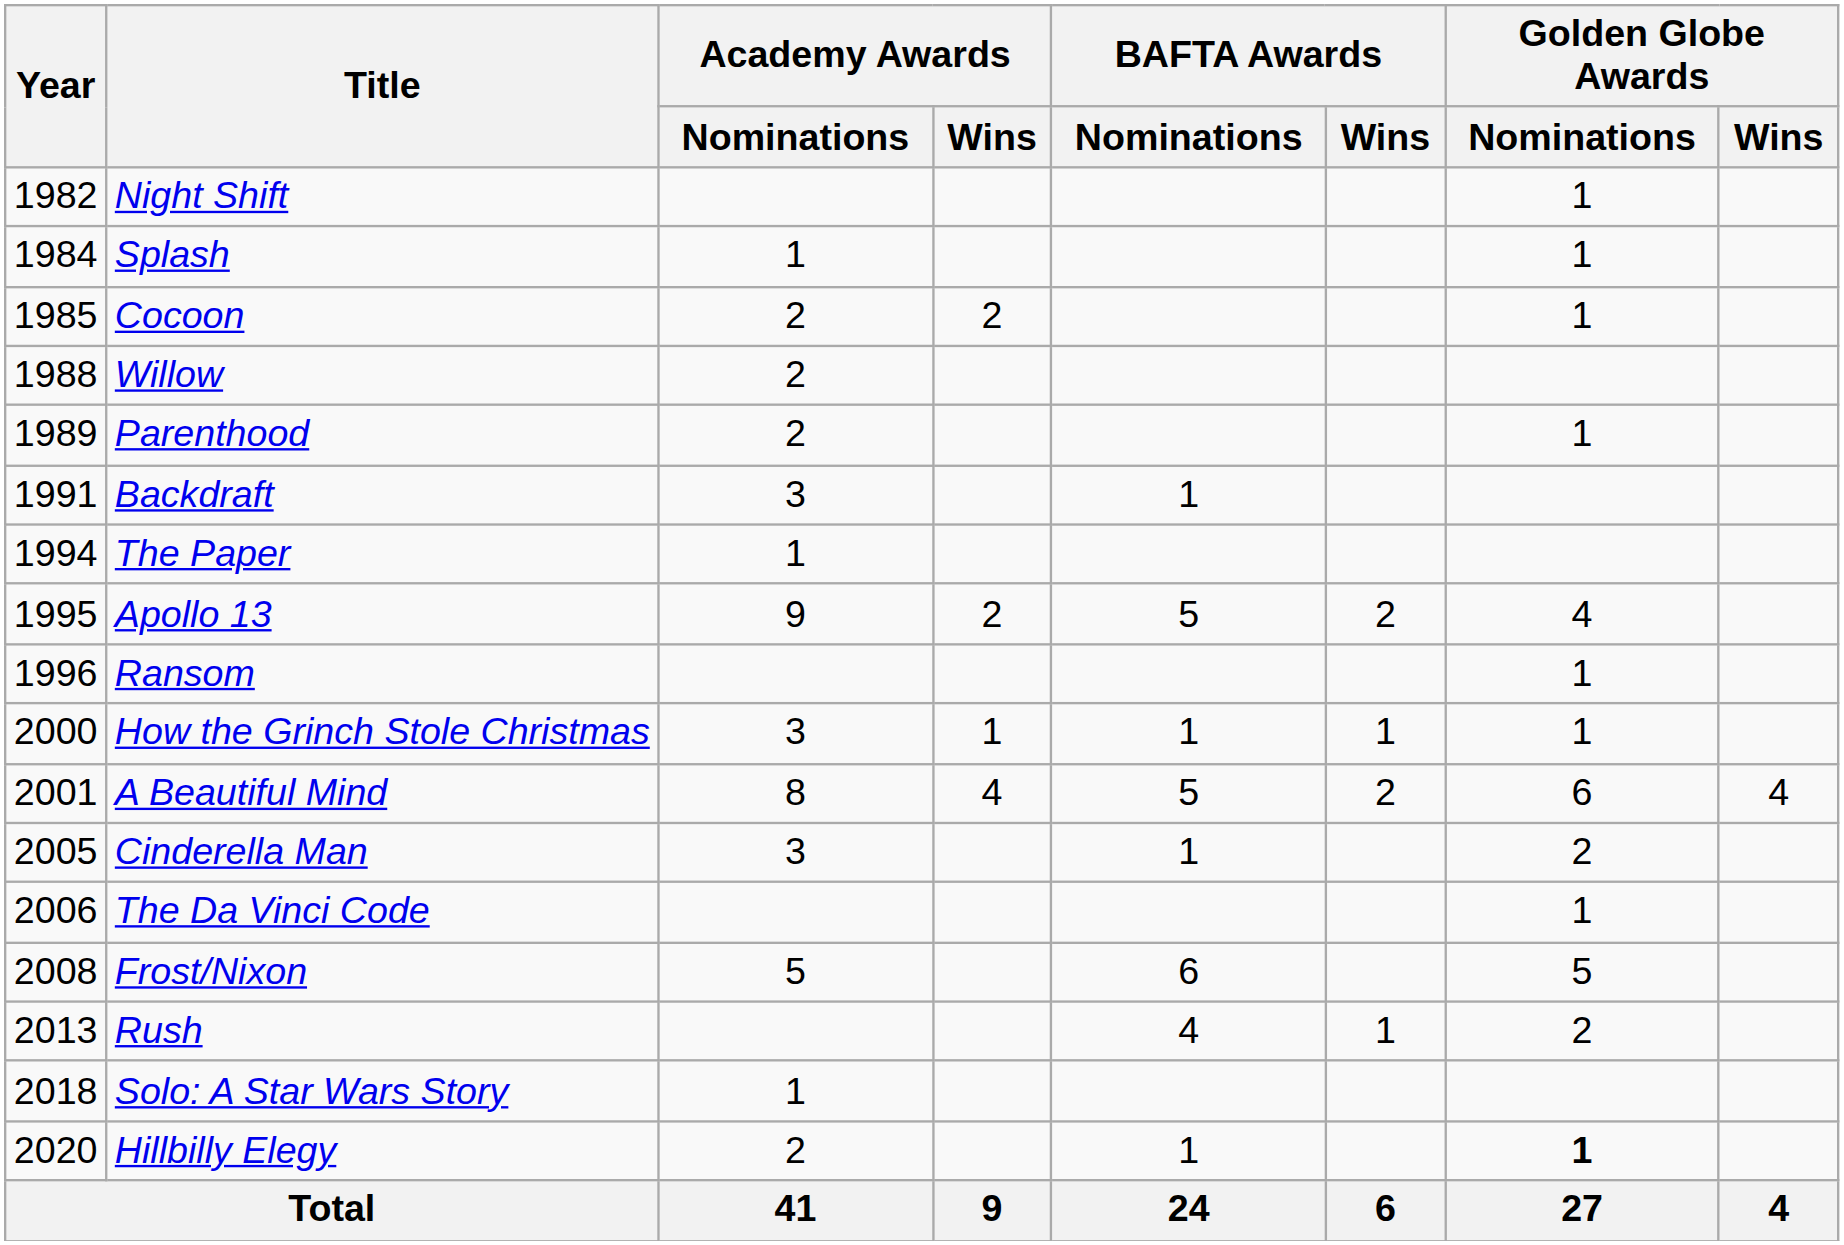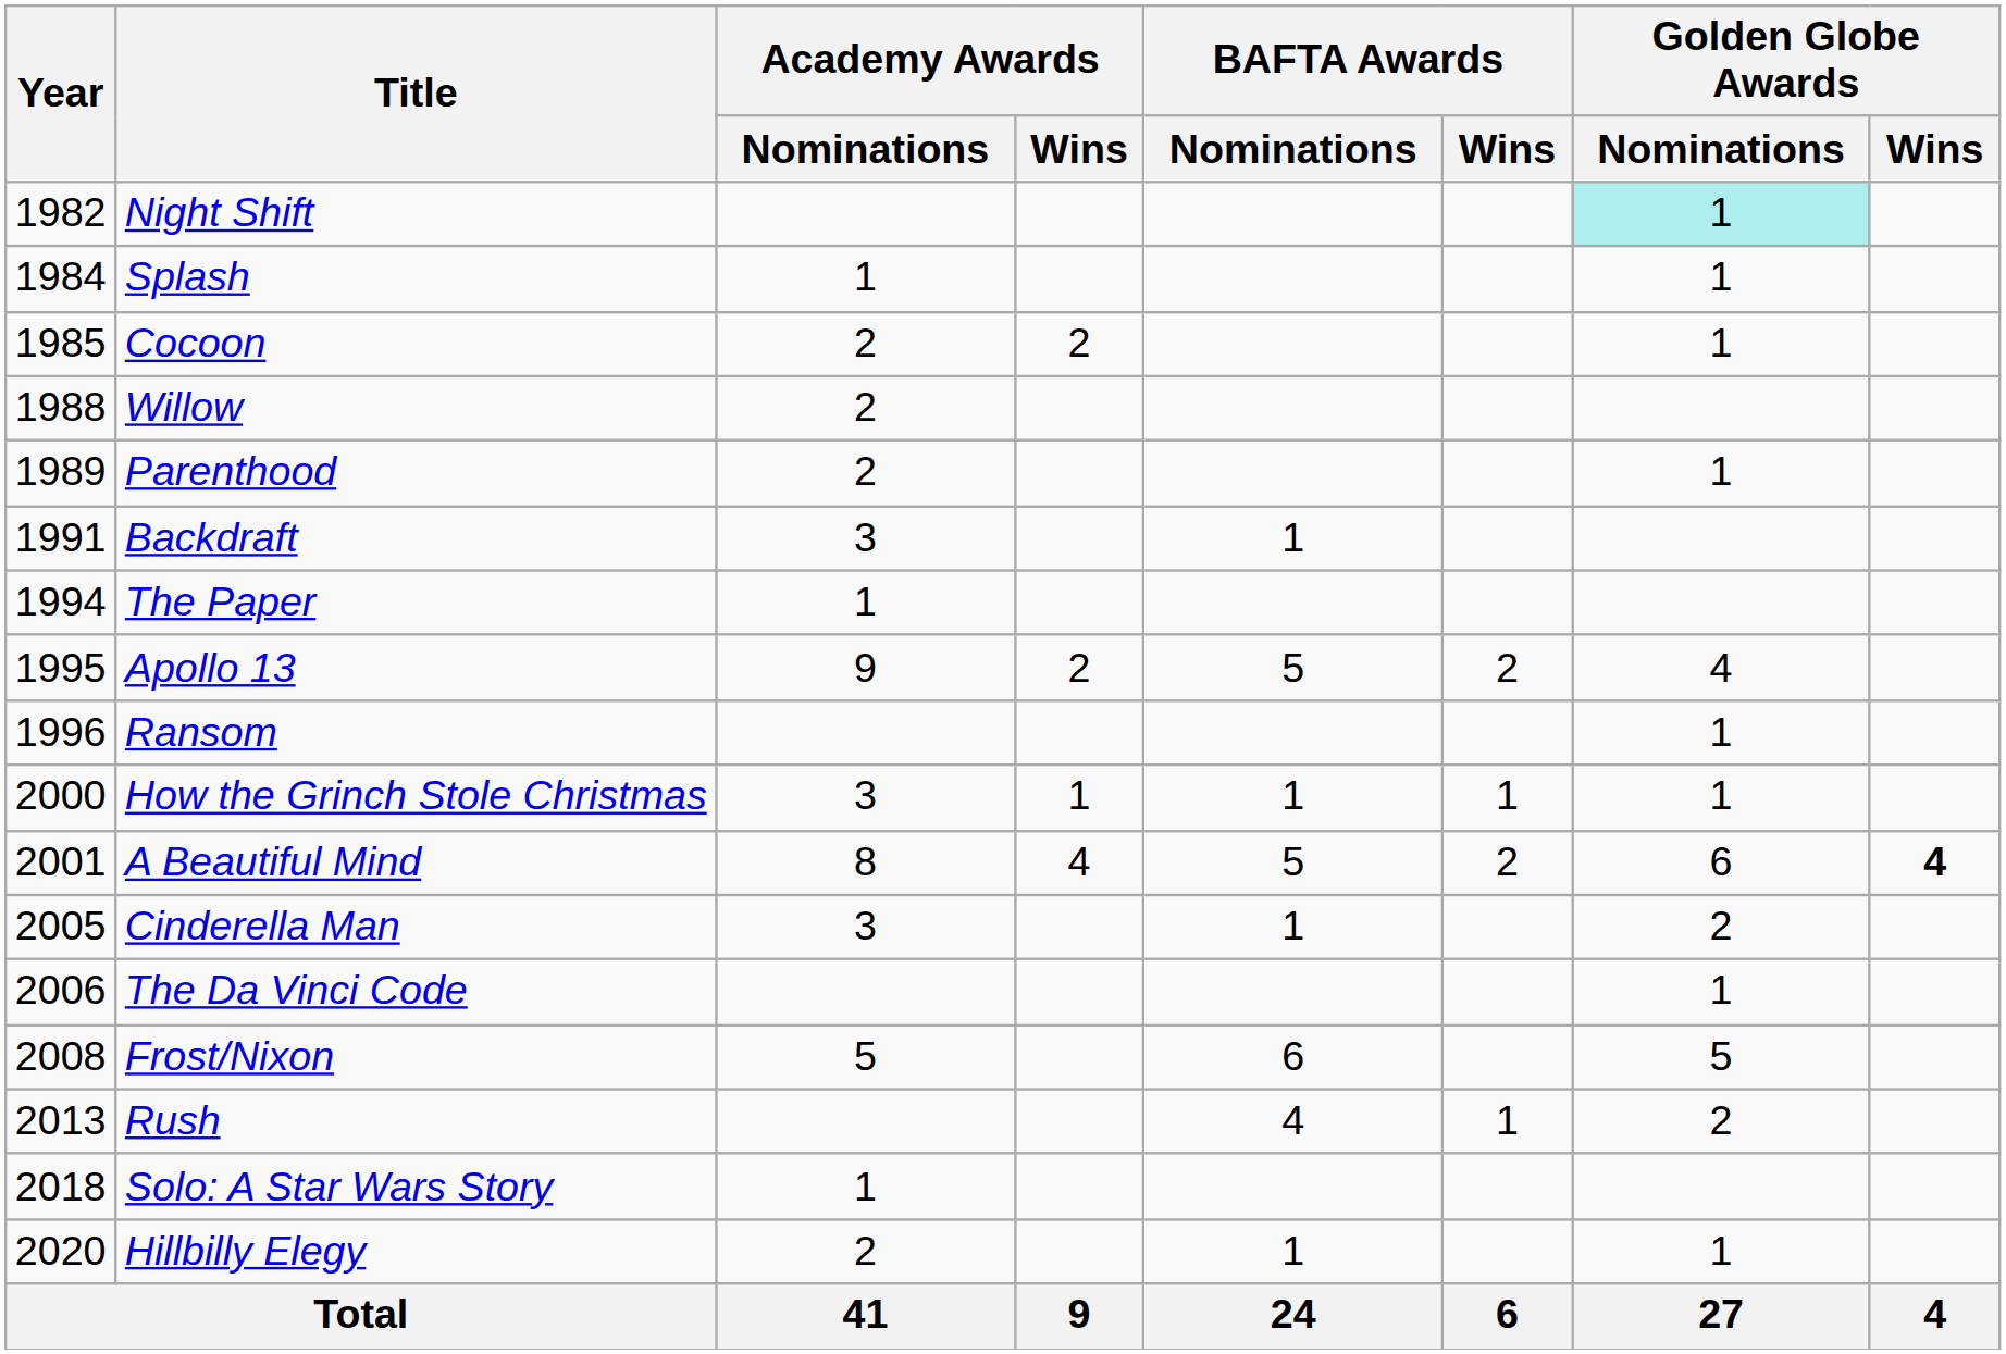 <table class="wikitable">
 <tr>
 <th rowspan="2">Year</th>
 <th rowspan="2">Title</th>
 <th colspan="2" style="text-align:center;" width=160>Academy Awards</th>
 <th colspan="2" style="text-align:center;" width=160>BAFTA Awards</th>
 <th colspan="2" style="text-align:center;" width=160>Golden Globe Awards</th>
 </tr>
 <tr>
 <th>Nominations</th>
 <th>Wins</th>
 <th>Nominations</th>
 <th>Wins</th>
 <th>Nominations</th>
 <th>Wins</th>
 </tr>
 <tr>
 <td>1982</td>
 <td><em><a href='#'>Night Shift</a></em></td>
 <td></td>
 <td></td>
 <td></td>
 <td></td>
-<td align=center>1</td>
+<td align=center style="background: paleturquoise;">1</td>
 <td></td>
 </tr>
 <tr>
 <td>1984</td>
 <td><em><a href='#'>Splash</a></em></td>
 <td align=center>1</td>
 <td></td>
 <td></td>
 <td></td>
 <td align=center>1</td>
 <td></td>
 </tr>
 <tr>
 <td>1985</td>
 <td><em><a href='#'>Cocoon</a></em></td>
 <td align=center>2</td>
 <td align=center>2</td>
 <td></td>
 <td></td>
 <td align=center>1</td>
 <td></td>
 </tr>
 <tr>
 <td>1988</td>
 <td><em><a href='#'>Willow</a></em></td>
 <td align=center>2</td>
 <td></td>
 <td></td>
 <td></td>
 <td></td>
 <td></td>
 </tr>
 <tr>
 <td>1989</td>
 <td><em><a href='#'>Parenthood</a></em></td>
 <td align=center>2</td>
 <td></td>
 <td></td>
 <td></td>
 <td align=center>1</td>
 <td></td>
 </tr>
 <tr>
 <td>1991</td>
 <td><em><a href='#'>Backdraft</a></em></td>
 <td align=center>3</td>
 <td></td>
 <td align=center>1</td>
 <td></td>
 <td></td>
 <td></td>
 </tr>
 <tr>
 <td>1994</td>
 <td><em><a href='#'>The Paper</a></em></td>
 <td align=center>1</td>
 <td></td>
 <td></td>
 <td></td>
 <td></td>
 <td></td>
 </tr>
 <tr>
 <td>1995</td>
 <td><em><a href='#'>Apollo 13</a></em></td>
 <td align=center>9</td>
 <td align=center>2</td>
 <td align=center>5</td>
 <td align=center>2</td>
 <td align=center>4</td>
 <td></td>
 </tr>
 <tr>
 <td>1996</td>
 <td><em><a href='#'>Ransom</a></em></td>
 <td></td>
 <td></td>
 <td></td>
 <td></td>
 <td align=center>1</td>
 <td></td>
 </tr>
 <tr>
 <td>2000</td>
 <td><em><a href='#'>How the Grinch Stole Christmas</a></em></td>
 <td align=center>3</td>
 <td align=center>1</td>
 <td align=center>1</td>
 <td align=center>1</td>
 <td align=center>1</td>
 <td></td>
 </tr>
 <tr>
 <td>2001</td>
 <td><em><a href='#'>A Beautiful Mind</a></em></td>
 <td align=center>8</td>
 <td align=center>4</td>
 <td align=center>5</td>
 <td align=center>2</td>
 <td align=center>6</td>
-<td align=center>4</td>
+<td align=center><strong>4</strong></td>
 </tr>
 <tr>
 <td>2005</td>
 <td><em><a href='#'>Cinderella Man</a></em></td>
 <td align=center>3</td>
 <td></td>
 <td align=center>1</td>
 <td></td>
 <td align=center>2</td>
 <td></td>
 </tr>
 <tr>
 <td>2006</td>
 <td><em><a href='#'>The Da Vinci Code</a></em></td>
 <td></td>
 <td></td>
 <td></td>
 <td></td>
 <td align=center>1</td>
 <td></td>
 </tr>
 <tr>
 <td>2008</td>
 <td><em><a href='#'>Frost/Nixon</a></em></td>
 <td align=center>5</td>
 <td></td>
 <td align=center>6</td>
 <td></td>
 <td align=center>5</td>
 <td></td>
 </tr>
 <tr>
 <td>2013</td>
 <td><em><a href='#'>Rush</a></em></td>
 <td></td>
 <td></td>
 <td align=center>4</td>
 <td align=center>1</td>
 <td align=center>2</td>
 <td></td>
 </tr>
 <tr>
 <td>2018</td>
 <td><em><a href='#'>Solo: A Star Wars Story</a></em></td>
 <td align=center>1</td>
 <td></td>
 <td></td>
 <td></td>
 <td></td>
 <td></td>
 </tr>
 <tr>
 <td>2020</td>
 <td><em><a href='#'>Hillbilly Elegy</a></em></td>
 <td align=center>2</td>
 <td></td>
 <td align=center>1</td>
 <td></td>
-<td align=center><strong>1</strong></td>
+<td align=center>1</td>
 <td></td>
 </tr>
 <tr>
 <th colspan="2">Total</th>
 <th align=center>41</th>
 <th align=center>9</th>
 <th align=center>24</th>
 <th align=center>6</th>
 <th align=center>27</th>
 <th align=center>4</th>
 </tr>
 </table>
